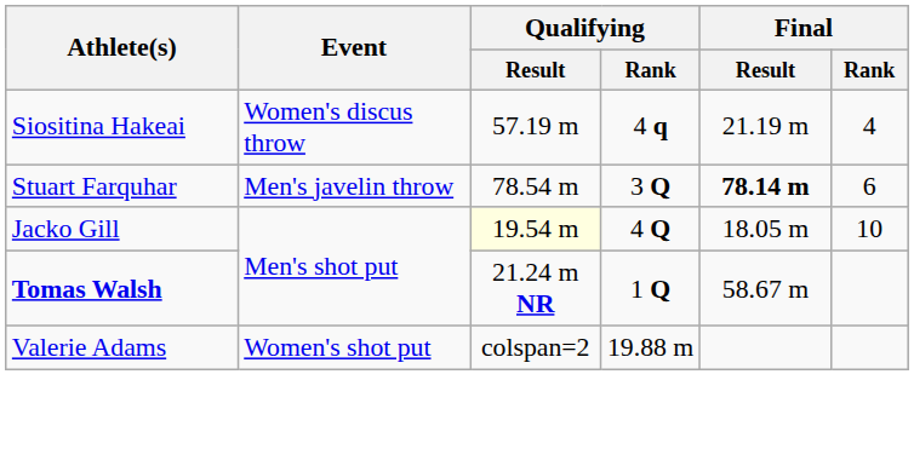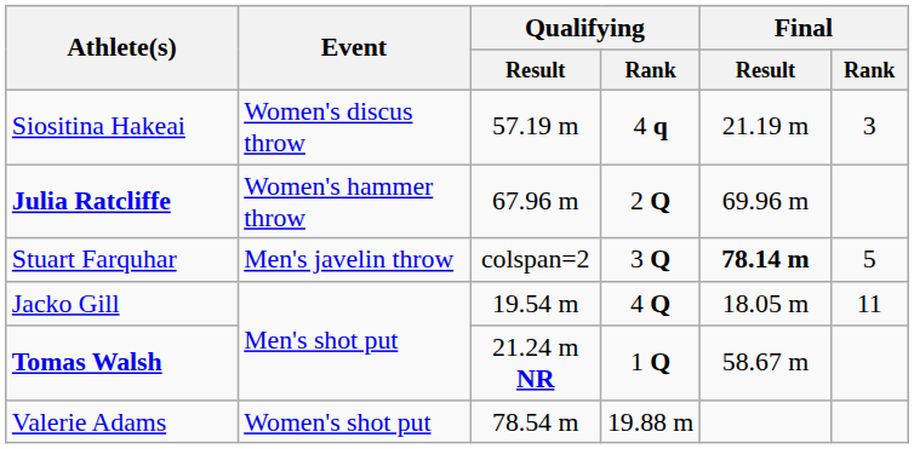 <table class=wikitable style="text-align:center; font-size:90%">
 <tr>
 <th rowspan="2" width=120>Athlete(s)</th>
 <th rowspan="2" width=120>Event</th>
 <th colspan="2" width=100>Qualifying</th>
 <th colspan="2" width=100>Final</th>
 </tr>
 <tr>
 <th style="line-height:1em" width=65><small>Result</small></th>
 <th style="line-height:1em" width=35><small>Rank</small></th>
 <th style="line-height:1em" width=65><small>Result</small></th>
 <th style="line-height:1em" width=35><small>Rank</small></th>
 </tr>
 <tr>
 <td align=left><a href='#'>Siositina Hakeai</a></td>
 <td align=left><a href='#'>Women's discus throw</a></td>
 <td>57.19 m</td>
 <td>4 <strong>q</strong></td>
 <td>21.19 m</td>
-<td>4</td>
+<td>3</td>
+</tr>
+<tr>
+<td align=left><strong><a href='#'>Julia Ratcliffe</a></strong></td>
+<td align=left><a href='#'>Women's hammer throw</a></td>
+<td>67.96 m</td>
+<td>2 <strong>Q</strong></td>
+<td>69.96 m</td>
+<td></td>
 </tr>
 <tr>
 <td align=left><a href='#'>Stuart Farquhar</a></td>
 <td align=left><a href='#'>Men's javelin throw</a></td>
-<td>78.54 m</td>
+<td>colspan=2 </td>
 <td>3 <strong>Q</strong></td>
 <td><strong>78.14 m</strong></td>
-<td>6</td>
+<td>5</td>
 </tr>
 <tr>
 <td align=left><a href='#'>Jacko Gill</a></td>
 <td align=left rowspan=2><a href='#'>Men's shot put</a></td>
-<td style="background: lightyellow;">19.54 m</td>
+<td>19.54 m</td>
 <td>4 <strong>Q</strong></td>
 <td>18.05 m</td>
-<td>10</td>
+<td>11</td>
 </tr>
 <tr>
 <td align=left><strong><a href='#'>Tomas Walsh</a></strong></td>
 <td>21.24 m <strong><a href='#'>NR</a></strong></td>
 <td>1 <strong>Q</strong></td>
 <td>58.67 m</td>
 <td></td>
 </tr>
 <tr>
 <td align=left><a href='#'>Valerie Adams</a></td>
 <td align=left><a href='#'>Women's shot put</a></td>
-<td>colspan=2 </td>
+<td>78.54 m</td>
 <td>19.88 m</td>
 <td></td>
 </tr>
 </table>
